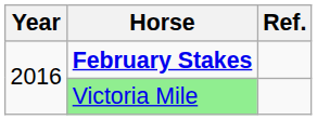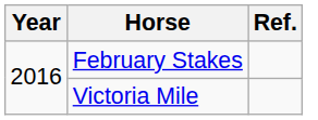 <table class="wikitable">
 <tr>
 <th>Year</th>
 <th>Horse</th>
 <th>Ref.</th>
 </tr>
 <tr>
 <td rowspan="2">2016</td>
-<td><strong><a href='#'>February Stakes</a></strong></td>
+<td><a href='#'>February Stakes</a></td>
 <td></td>
 </tr>
 <tr>
-<td style="background: lightgreen;"><a href='#'>Victoria Mile</a></td>
+<td><a href='#'>Victoria Mile</a></td>
 <td></td>
 </tr>
 </table>
